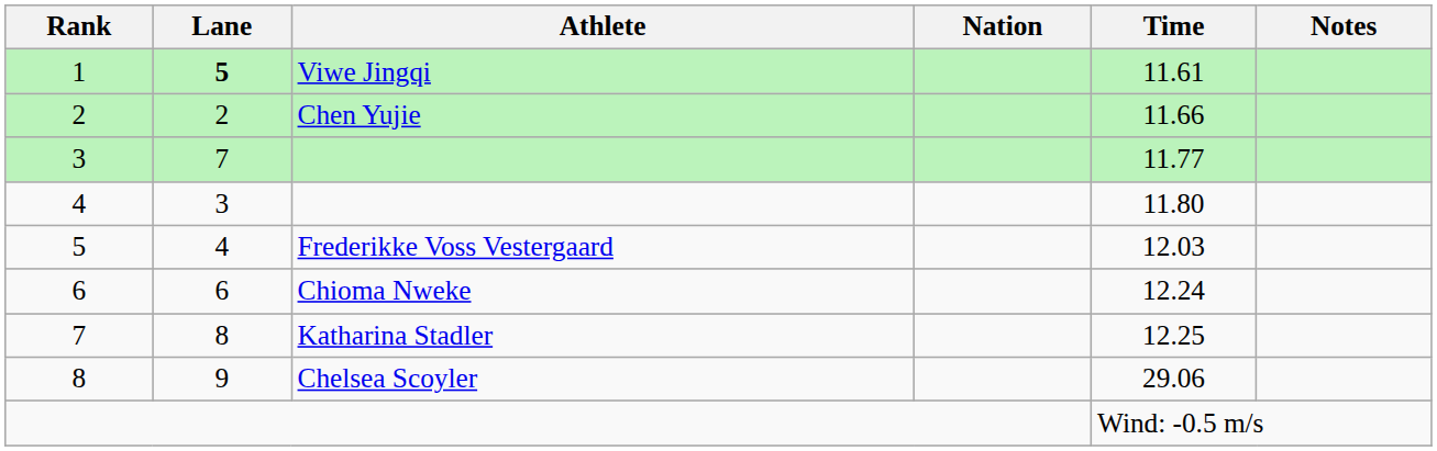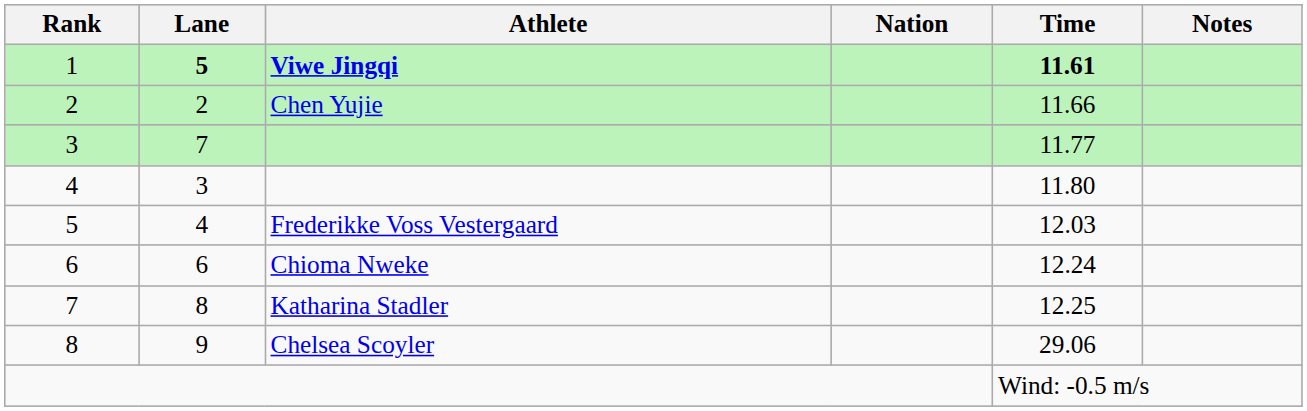 <table class="wikitable sortable" style="text-align:center;width: 65%;">
 <tr>
 <th scope="col">Rank</th>
 <th scope="col">Lane</th>
 <th scope="col">Athlete</th>
 <th scope="col">Nation</th>
 <th scope="col">Time</th>
 <th scope="col">Notes</th>
 </tr>
 <tr bgcolor=bbf3bb>
 <td>1</td>
 <td><strong>5</strong></td>
-<td align=left><a href='#'>Viwe Jingqi</a></td>
+<td align=left><strong><a href='#'>Viwe Jingqi</a></strong></td>
 <td align=left></td>
-<td>11.61</td>
+<td><strong>11.61</strong></td>
 <td></td>
 </tr>
 <tr bgcolor=bbf3bb>
 <td>2</td>
 <td>2</td>
 <td align=left><a href='#'>Chen Yujie</a></td>
 <td align=left></td>
 <td>11.66</td>
 <td></td>
 </tr>
 <tr bgcolor=bbf3bb>
 <td>3</td>
 <td>7</td>
 <td align=left></td>
 <td align=left></td>
 <td>11.77</td>
 <td></td>
 </tr>
 <tr>
 <td>4</td>
 <td>3</td>
 <td align=left></td>
 <td align=left></td>
 <td>11.80</td>
 <td></td>
 </tr>
 <tr>
 <td>5</td>
 <td>4</td>
 <td align=left><a href='#'>Frederikke Voss Vestergaard</a></td>
 <td align=left></td>
 <td>12.03</td>
 <td></td>
 </tr>
 <tr>
 <td>6</td>
 <td>6</td>
 <td align=left><a href='#'>Chioma Nweke</a></td>
 <td align=left></td>
 <td>12.24</td>
 <td></td>
 </tr>
 <tr>
 <td>7</td>
 <td>8</td>
 <td align=left><a href='#'>Katharina Stadler</a></td>
 <td align=left></td>
 <td>12.25</td>
 <td></td>
 </tr>
 <tr>
 <td>8</td>
 <td>9</td>
 <td align=left><a href='#'>Chelsea Scoyler</a></td>
 <td align=left></td>
 <td>29.06</td>
 <td></td>
 </tr>
 <tr class="sortbottom">
 <td colspan="4"></td>
 <td colspan="2" style="text-align:left;">Wind: -0.5 m/s</td>
 </tr>
 </table>
